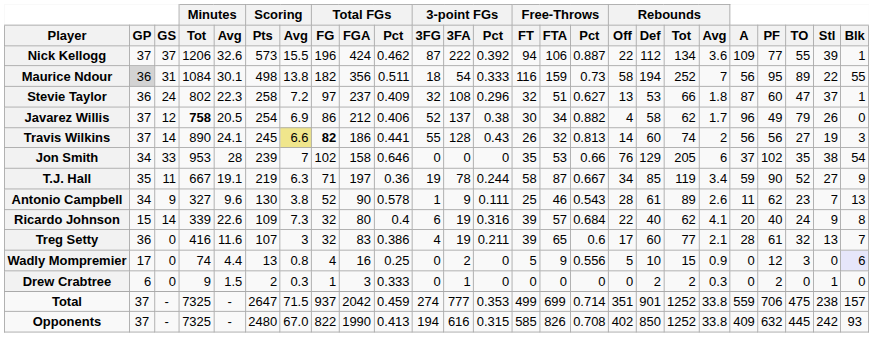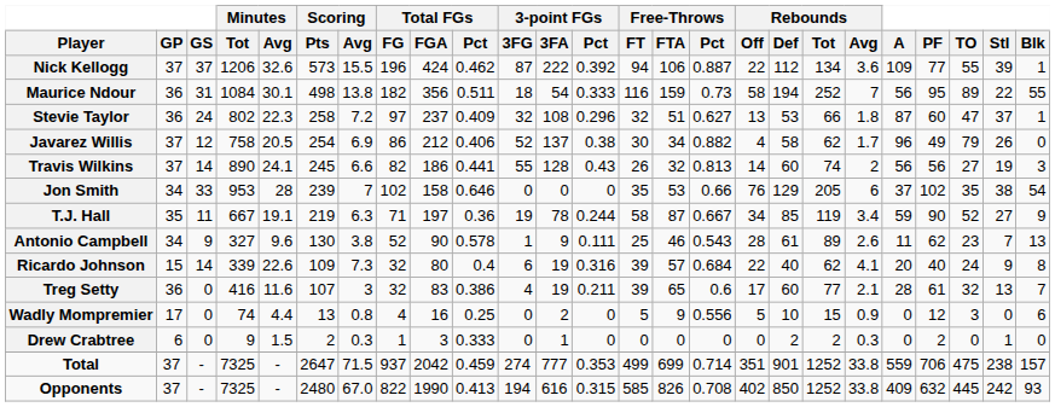 <table class="wikitable sortable" border="1" style="font-size:90%;">
 <tr>
 <th colspan="3" style="border-top-style:hidden; border-left-style:hidden; background: white;"></th>
 <th colspan="2" style=>Minutes</th>
 <th colspan="2" style=>Scoring</th>
 <th colspan="3" style=>Total FGs</th>
 <th colspan="3" style=>3-point FGs</th>
 <th colspan="3" style=>Free-Throws</th>
 <th colspan="4" style=>Rebounds</th>
 <th colspan="5" style="border-top-style:hidden; border-right-style:hidden; background: white;"></th>
 </tr>
 <tr>
 <th scope="col" style=>Player</th>
 <th scope="col" style=>GP</th>
 <th scope="col" style=>GS</th>
 <th scope="col" style=>Tot</th>
 <th scope="col" style=>Avg</th>
 <th scope="col" style=>Pts</th>
 <th scope="col" style=>Avg</th>
 <th scope="col" style=>FG</th>
 <th scope="col" style=>FGA</th>
 <th scope="col" style=>Pct</th>
 <th scope="col" style=>3FG</th>
 <th scope="col" style=>3FA</th>
 <th scope="col" style=>Pct</th>
 <th scope="col" style=>FT</th>
 <th scope="col" style=>FTA</th>
 <th scope="col" style=>Pct</th>
 <th scope="col" style=>Off</th>
 <th scope="col" style=>Def</th>
 <th scope="col" style=>Tot</th>
 <th scope="col" style=>Avg</th>
 <th scope="col" style=>A</th>
 <th scope="col" style=>PF</th>
 <th scope="col" style=>TO</th>
 <th scope="col" style=>Stl</th>
 <th scope="col" style=>Blk</th>
 </tr>
 <tr>
 <th>Nick Kellogg</th>
 <td align="right">37</td>
 <td align="right">37</td>
 <td align="right">1206</td>
 <td align="right">32.6</td>
 <td align="right">573</td>
 <td align="right">15.5</td>
 <td align="right">196</td>
 <td align="right">424</td>
 <td align="right">0.462</td>
 <td align="right">87</td>
 <td align="right">222</td>
 <td align="right">0.392</td>
 <td align="right">94</td>
 <td align="right">106</td>
 <td align="right">0.887</td>
 <td align="right">22</td>
 <td align="right">112</td>
 <td align="right">134</td>
 <td align="right">3.6</td>
 <td align="right">109</td>
 <td align="right">77</td>
 <td align="right">55</td>
 <td align="right">39</td>
 <td align="right">1</td>
 </tr>
 <tr>
 <th>Maurice Ndour</th>
-<td align="right" style="background: lightgrey;">36</td>
+<td align="right">36</td>
 <td align="right">31</td>
 <td align="right">1084</td>
 <td align="right">30.1</td>
 <td align="right">498</td>
 <td align="right">13.8</td>
 <td align="right">182</td>
 <td align="right">356</td>
 <td align="right">0.511</td>
 <td align="right">18</td>
 <td align="right">54</td>
 <td align="right">0.333</td>
 <td align="right">116</td>
 <td align="right">159</td>
 <td align="right">0.73</td>
 <td align="right">58</td>
 <td align="right">194</td>
 <td align="right">252</td>
 <td align="right">7</td>
 <td align="right">56</td>
 <td align="right">95</td>
 <td align="right">89</td>
 <td align="right">22</td>
 <td align="right">55</td>
 </tr>
 <tr>
 <th>Stevie Taylor</th>
 <td align="right">36</td>
 <td align="right">24</td>
 <td align="right">802</td>
 <td align="right">22.3</td>
 <td align="right">258</td>
 <td align="right">7.2</td>
 <td align="right">97</td>
 <td align="right">237</td>
 <td align="right">0.409</td>
 <td align="right">32</td>
 <td align="right">108</td>
 <td align="right">0.296</td>
 <td align="right">32</td>
 <td align="right">51</td>
 <td align="right">0.627</td>
 <td align="right">13</td>
 <td align="right">53</td>
 <td align="right">66</td>
 <td align="right">1.8</td>
 <td align="right">87</td>
 <td align="right">60</td>
 <td align="right">47</td>
 <td align="right">37</td>
 <td align="right">1</td>
 </tr>
 <tr>
 <th>Javarez Willis</th>
 <td align="right">37</td>
 <td align="right">12</td>
-<td align="right"><strong>758</strong></td>
+<td align="right">758</td>
 <td align="right">20.5</td>
 <td align="right">254</td>
 <td align="right">6.9</td>
 <td align="right">86</td>
 <td align="right">212</td>
 <td align="right">0.406</td>
 <td align="right">52</td>
 <td align="right">137</td>
 <td align="right">0.38</td>
 <td align="right">30</td>
 <td align="right">34</td>
 <td align="right">0.882</td>
 <td align="right">4</td>
 <td align="right">58</td>
 <td align="right">62</td>
 <td align="right">1.7</td>
 <td align="right">96</td>
 <td align="right">49</td>
 <td align="right">79</td>
 <td align="right">26</td>
 <td align="right">0</td>
 </tr>
 <tr>
 <th>Travis Wilkins</th>
 <td align="right">37</td>
 <td align="right">14</td>
 <td align="right">890</td>
 <td align="right">24.1</td>
 <td align="right">245</td>
-<td align="right" style="background: khaki;">6.6</td>
-<td align="right"><strong>82</strong></td>
+<td align="right">6.6</td>
+<td align="right">82</td>
 <td align="right">186</td>
 <td align="right">0.441</td>
 <td align="right">55</td>
 <td align="right">128</td>
 <td align="right">0.43</td>
 <td align="right">26</td>
 <td align="right">32</td>
 <td align="right">0.813</td>
 <td align="right">14</td>
 <td align="right">60</td>
 <td align="right">74</td>
 <td align="right">2</td>
 <td align="right">56</td>
 <td align="right">56</td>
 <td align="right">27</td>
 <td align="right">19</td>
 <td align="right">3</td>
 </tr>
 <tr>
 <th>Jon Smith</th>
 <td align="right">34</td>
 <td align="right">33</td>
 <td align="right">953</td>
 <td align="right">28</td>
 <td align="right">239</td>
 <td align="right">7</td>
 <td align="right">102</td>
 <td align="right">158</td>
 <td align="right">0.646</td>
 <td align="right">0</td>
 <td align="right">0</td>
 <td align="right">0</td>
 <td align="right">35</td>
 <td align="right">53</td>
 <td align="right">0.66</td>
 <td align="right">76</td>
 <td align="right">129</td>
 <td align="right">205</td>
 <td align="right">6</td>
 <td align="right">37</td>
 <td align="right">102</td>
 <td align="right">35</td>
 <td align="right">38</td>
 <td align="right">54</td>
 </tr>
 <tr>
 <th>T.J. Hall</th>
 <td align="right">35</td>
 <td align="right">11</td>
 <td align="right">667</td>
 <td align="right">19.1</td>
 <td align="right">219</td>
 <td align="right">6.3</td>
 <td align="right">71</td>
 <td align="right">197</td>
 <td align="right">0.36</td>
 <td align="right">19</td>
 <td align="right">78</td>
 <td align="right">0.244</td>
 <td align="right">58</td>
 <td align="right">87</td>
 <td align="right">0.667</td>
 <td align="right">34</td>
 <td align="right">85</td>
 <td align="right">119</td>
 <td align="right">3.4</td>
 <td align="right">59</td>
 <td align="right">90</td>
 <td align="right">52</td>
 <td align="right">27</td>
 <td align="right">9</td>
 </tr>
 <tr>
 <th>Antonio Campbell</th>
 <td align="right">34</td>
 <td align="right">9</td>
 <td align="right">327</td>
 <td align="right">9.6</td>
 <td align="right">130</td>
 <td align="right">3.8</td>
 <td align="right">52</td>
 <td align="right">90</td>
 <td align="right">0.578</td>
 <td align="right">1</td>
 <td align="right">9</td>
 <td align="right">0.111</td>
 <td align="right">25</td>
 <td align="right">46</td>
 <td align="right">0.543</td>
 <td align="right">28</td>
 <td align="right">61</td>
 <td align="right">89</td>
 <td align="right">2.6</td>
 <td align="right">11</td>
 <td align="right">62</td>
 <td align="right">23</td>
 <td align="right">7</td>
 <td align="right">13</td>
 </tr>
 <tr>
 <th>Ricardo Johnson</th>
 <td align="right">15</td>
 <td align="right">14</td>
 <td align="right">339</td>
 <td align="right">22.6</td>
 <td align="right">109</td>
 <td align="right">7.3</td>
 <td align="right">32</td>
 <td align="right">80</td>
 <td align="right">0.4</td>
 <td align="right">6</td>
 <td align="right">19</td>
 <td align="right">0.316</td>
 <td align="right">39</td>
 <td align="right">57</td>
 <td align="right">0.684</td>
 <td align="right">22</td>
 <td align="right">40</td>
 <td align="right">62</td>
 <td align="right">4.1</td>
 <td align="right">20</td>
 <td align="right">40</td>
 <td align="right">24</td>
 <td align="right">9</td>
 <td align="right">8</td>
 </tr>
 <tr>
 <th>Treg Setty</th>
 <td align="right">36</td>
 <td align="right">0</td>
 <td align="right">416</td>
 <td align="right">11.6</td>
 <td align="right">107</td>
 <td align="right">3</td>
 <td align="right">32</td>
 <td align="right">83</td>
 <td align="right">0.386</td>
 <td align="right">4</td>
 <td align="right">19</td>
 <td align="right">0.211</td>
 <td align="right">39</td>
 <td align="right">65</td>
 <td align="right">0.6</td>
 <td align="right">17</td>
 <td align="right">60</td>
 <td align="right">77</td>
 <td align="right">2.1</td>
 <td align="right">28</td>
 <td align="right">61</td>
 <td align="right">32</td>
 <td align="right">13</td>
 <td align="right">7</td>
 </tr>
 <tr>
 <th>Wadly Mompremier</th>
 <td align="right">17</td>
 <td align="right">0</td>
 <td align="right">74</td>
 <td align="right">4.4</td>
 <td align="right">13</td>
 <td align="right">0.8</td>
 <td align="right">4</td>
 <td align="right">16</td>
 <td align="right">0.25</td>
 <td align="right">0</td>
 <td align="right">2</td>
 <td align="right">0</td>
 <td align="right">5</td>
 <td align="right">9</td>
 <td align="right">0.556</td>
 <td align="right">5</td>
 <td align="right">10</td>
 <td align="right">15</td>
 <td align="right">0.9</td>
 <td align="right">0</td>
 <td align="right">12</td>
 <td align="right">3</td>
 <td align="right">0</td>
-<td align="right" style="background: lavender;">6</td>
+<td align="right">6</td>
 </tr>
 <tr>
 <th>Drew Crabtree</th>
 <td align="right">6</td>
 <td align="right">0</td>
 <td align="right">9</td>
 <td align="right">1.5</td>
 <td align="right">2</td>
 <td align="right">0.3</td>
 <td align="right">1</td>
 <td align="right">3</td>
 <td align="right">0.333</td>
 <td align="right">0</td>
 <td align="right">1</td>
 <td align="right">0</td>
 <td align="right">0</td>
 <td align="right">0</td>
 <td align="right">0</td>
 <td align="right">0</td>
 <td align="right">2</td>
 <td align="right">2</td>
 <td align="right">0.3</td>
 <td align="right">0</td>
 <td align="right">2</td>
 <td align="right">0</td>
 <td align="right">1</td>
 <td align="right">0</td>
 </tr>
 <tr>
 </tr>
 <tr class="sortbottom">
 <td align="center" style=><strong>Total</strong></td>
 <td align="center" style=>37</td>
 <td align="center" style=>-</td>
 <td align="center" style=>7325</td>
 <td align="center" style=>-</td>
 <td align="center" style=>2647</td>
 <td align="center" style=>71.5</td>
 <td align="center" style=>937</td>
 <td align="center" style=>2042</td>
 <td align="center" style=>0.459</td>
 <td align="center" style=>274</td>
 <td align="center" style=>777</td>
 <td align="center" style=>0.353</td>
 <td align="center" style=>499</td>
 <td align="center" style=>699</td>
 <td align="center" style=>0.714</td>
 <td align="center" style=>351</td>
 <td align="center" style=>901</td>
 <td align="center" style=>1252</td>
 <td align="center" style=>33.8</td>
 <td align="center" style=>559</td>
 <td align="center" style=>706</td>
 <td align="center" style=>475</td>
 <td align="center" style=>238</td>
 <td align="center" style=>157</td>
 </tr>
 <tr class="sortbottom">
 <td align="center"><strong>Opponents</strong></td>
 <td align="center">37</td>
 <td align="center">-</td>
 <td align="center">7325</td>
 <td align="center">-</td>
 <td align="center">2480</td>
 <td align="center">67.0</td>
 <td align="center">822</td>
 <td align="center">1990</td>
 <td align="center">0.413</td>
 <td align="center">194</td>
 <td align="center">616</td>
 <td align="center">0.315</td>
 <td align="center">585</td>
 <td align="center">826</td>
 <td align="center">0.708</td>
 <td align="center">402</td>
 <td align="center">850</td>
 <td align="center">1252</td>
 <td align="center">33.8</td>
 <td align="center">409</td>
 <td align="center">632</td>
 <td align="center">445</td>
 <td align="center">242</td>
 <td align="center">93</td>
 </tr>
 </table>
